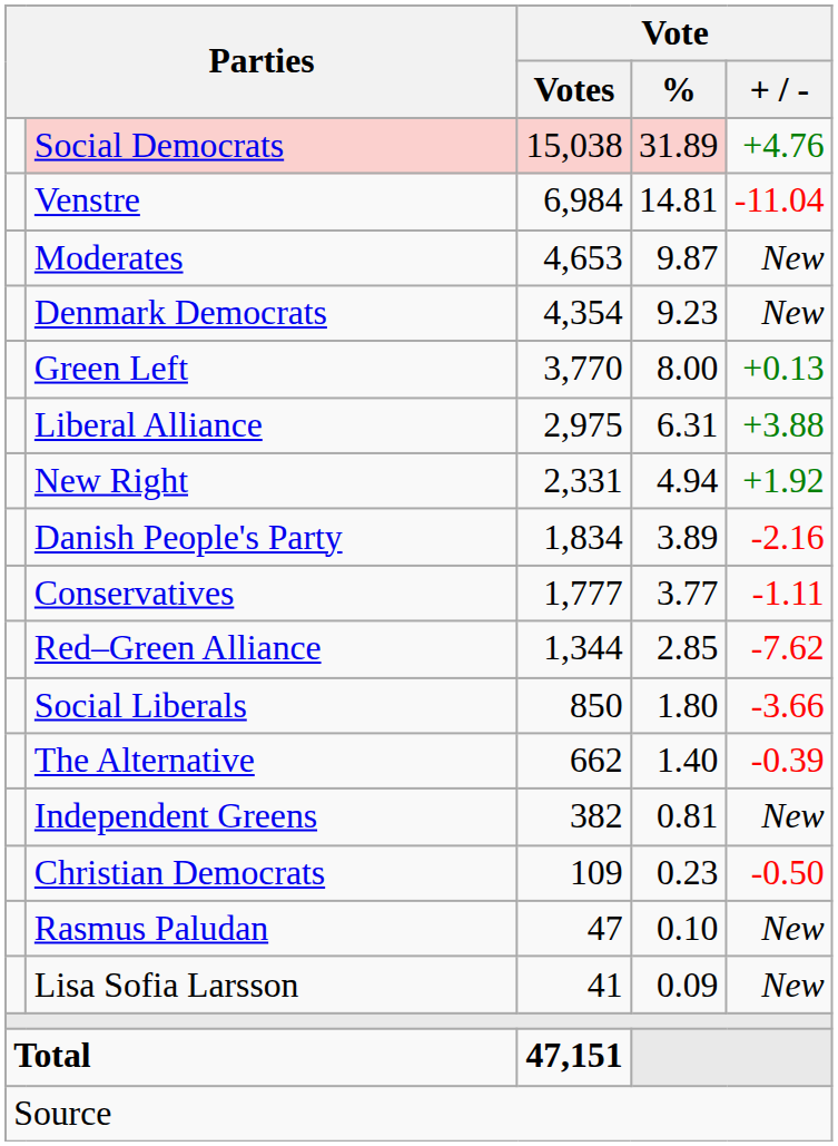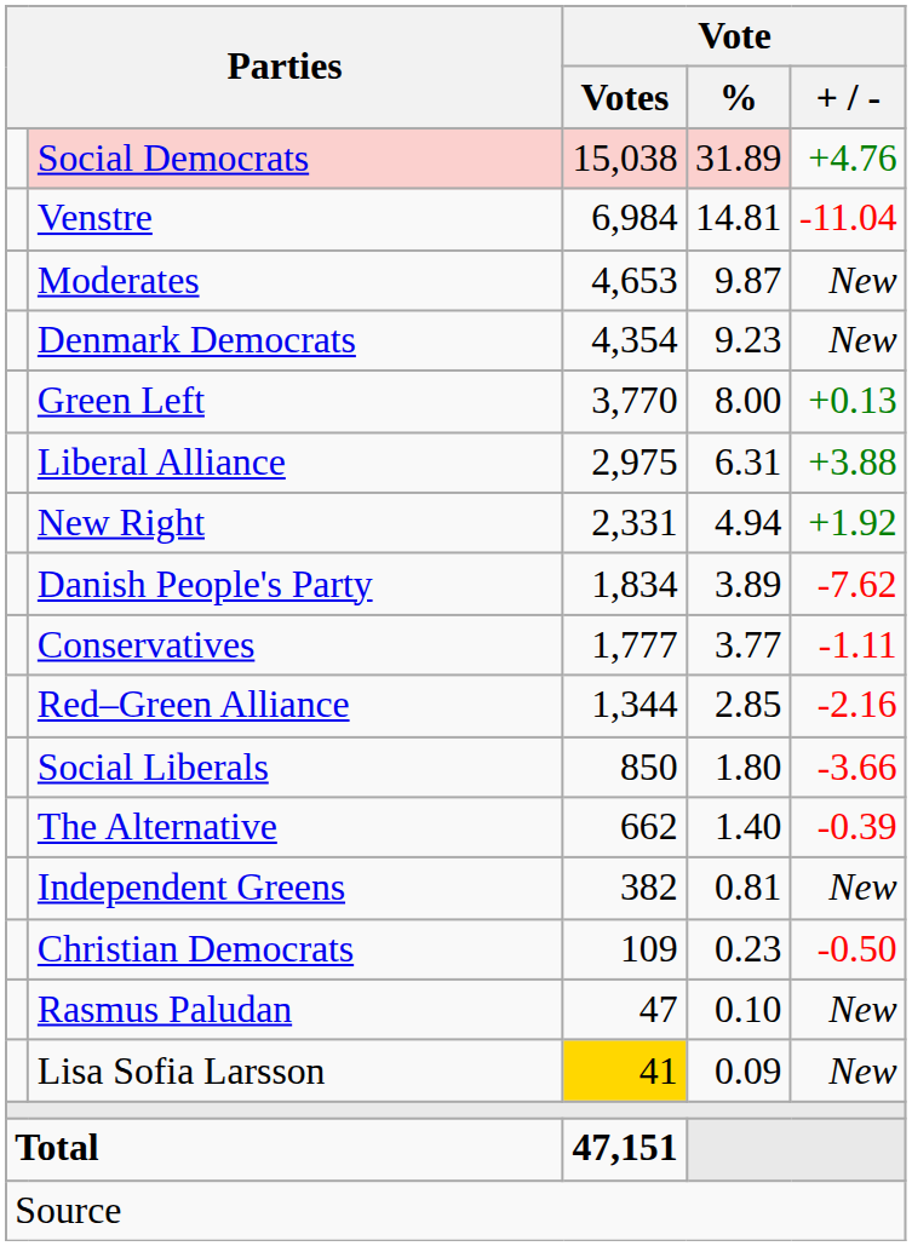 <table class="wikitable" style="text-align:right;">
 <tr>
 <th style="text-align:centre;" rowspan="2" colspan="2" width="225">Parties</th>
 <th colspan="3">Vote</th>
 </tr>
 <tr>
 <th width="15">Votes</th>
 <th width="15">%</th>
 <th width="15">+ / -</th>
 </tr>
 <tr>
 <td width="2" style="color:inherit;background:"></td>
 <td bgcolor=#fbd0ce  align="left"><a href='#'>Social Democrats</a></td>
 <td bgcolor=#fbd0ce>15,038</td>
 <td bgcolor=#fbd0ce>31.89</td>
 <td style=color:green;>+4.76</td>
 </tr>
 <tr>
 <td width="2" style="color:inherit;background:"></td>
 <td align="left"><a href='#'>Venstre</a></td>
 <td>6,984</td>
 <td>14.81</td>
 <td style=color:red;>-11.04</td>
 </tr>
 <tr>
 <td width="2" style="color:inherit;background:"></td>
 <td align="left"><a href='#'>Moderates</a></td>
 <td>4,653</td>
 <td>9.87</td>
 <td><em>New</em></td>
 </tr>
 <tr>
 <td width="2" style="color:inherit;background:"></td>
 <td align="left"><a href='#'>Denmark Democrats</a></td>
 <td>4,354</td>
 <td>9.23</td>
 <td><em>New</em></td>
 </tr>
 <tr>
 <td width="2" style="color:inherit;background:"></td>
 <td align="left"><a href='#'>Green Left</a></td>
 <td>3,770</td>
 <td>8.00</td>
 <td style=color:green;>+0.13</td>
 </tr>
 <tr>
 <td width="2" style="color:inherit;background:"></td>
 <td align="left"><a href='#'>Liberal Alliance</a></td>
 <td>2,975</td>
 <td>6.31</td>
 <td style=color:green;>+3.88</td>
 </tr>
 <tr>
 <td width="2" style="color:inherit;background:"></td>
 <td align="left"><a href='#'>New Right</a></td>
 <td>2,331</td>
 <td>4.94</td>
 <td style=color:green;>+1.92</td>
 </tr>
 <tr>
 <td width="2" style="color:inherit;background:"></td>
 <td align="left"><a href='#'>Danish People's Party</a></td>
 <td>1,834</td>
 <td>3.89</td>
-<td style=color:red;>-2.16</td>
+<td style=color:red;>-7.62</td>
 </tr>
 <tr>
 <td width="2" style="color:inherit;background:"></td>
 <td align="left"><a href='#'>Conservatives</a></td>
 <td>1,777</td>
 <td>3.77</td>
 <td style=color:red;>-1.11</td>
 </tr>
 <tr>
 <td width="2" style="color:inherit;background:"></td>
 <td align="left"><a href='#'>Red–Green Alliance</a></td>
 <td>1,344</td>
 <td>2.85</td>
-<td style=color:red;>-7.62</td>
+<td style=color:red;>-2.16</td>
 </tr>
 <tr>
 <td width="2" style="color:inherit;background:"></td>
 <td align="left"><a href='#'>Social Liberals</a></td>
 <td>850</td>
 <td>1.80</td>
 <td style=color:red;>-3.66</td>
 </tr>
 <tr>
 <td width="2" style="color:inherit;background:"></td>
 <td align="left"><a href='#'>The Alternative</a></td>
 <td>662</td>
 <td>1.40</td>
 <td style=color:red;>-0.39</td>
 </tr>
 <tr>
 <td width="2" style="color:inherit;background:"></td>
 <td align="left"><a href='#'>Independent Greens</a></td>
 <td>382</td>
 <td>0.81</td>
 <td><em>New</em></td>
 </tr>
 <tr>
 <td width="2" style="color:inherit;background:"></td>
 <td align="left"><a href='#'>Christian Democrats</a></td>
 <td>109</td>
 <td>0.23</td>
 <td style=color:red;>-0.50</td>
 </tr>
 <tr>
 <td width="2" style="color:inherit;background:"></td>
 <td align="left"><a href='#'>Rasmus Paludan</a></td>
 <td>47</td>
 <td>0.10</td>
 <td><em>New</em></td>
 </tr>
 <tr>
 <td width="2" style="color:inherit;background:"></td>
 <td align="left">Lisa Sofia Larsson</td>
-<td>41</td>
+<td style="background: gold;">41</td>
 <td>0.09</td>
 <td><em>New</em></td>
 </tr>
 <tr>
 <td colspan="7" bgcolor="#E9E9E9"></td>
 </tr>
 <tr>
 <td align="left" colspan="2"><strong>Total</strong></td>
 <td><strong>47,151</strong></td>
 <td bgcolor="#E9E9E9" colspan="2"></td>
 </tr>
 <tr>
 <td align="left" colspan="6">Source</td>
 </tr>
 </table>
